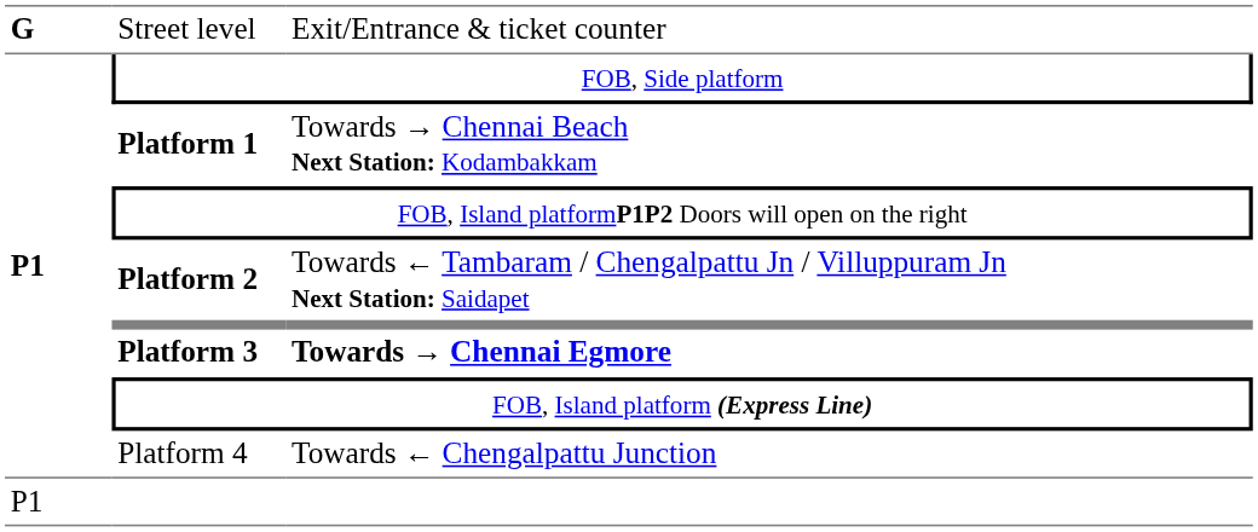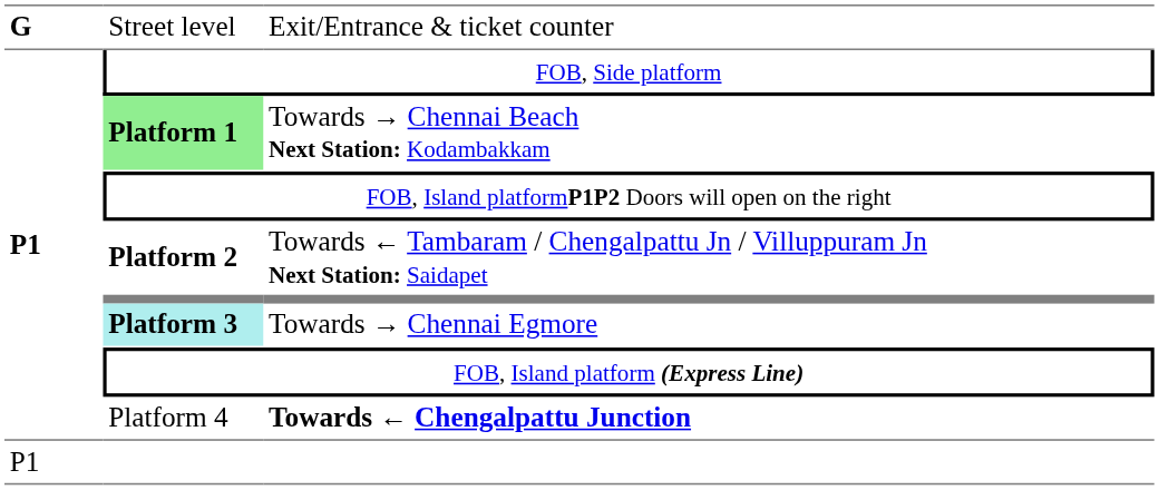 <table cellpadding="3" cellspacing="0" border="0">
 <tr>
 <td valign="top" width="30" style="border-top:solid 1px gray;border-bottom:solid 1px gray;"><strong>G</strong></td>
 <td valign="top" width="85" style="border-top:solid 1px gray;border-bottom:solid 1px gray;">Street level</td>
 <td valign="top" width="500" style="border-top:solid 1px gray;border-bottom:solid 1px gray;">Exit/Entrance & ticket counter</td>
 </tr>
 <tr>
 <td rowspan="7" style="border-bottom:solid 1px gray;" width="50" valign="center"><strong>P1</strong></td>
 <td colspan="2" style="border-right:solid 2px black;border-left:solid 2px black;border-bottom:solid 2px black;text-align:center;"><a href='#'><small>FOB</small></a><small>, <a href='#'>Side platform</a></small></td>
 </tr>
 <tr>
-<td width="85" style="border-bottom:solid 1px white;"><span><strong>Platform 1</strong></span></td>
+<td width="85" style="background: lightgreen; border-bottom:solid 1px white;"><span><strong>Platform 1</strong></span></td>
 <td width="500" style="border-bottom:solid 1px white;">Towards → <a href='#'>Chennai Beach</a><br><small><strong>Next Station:</strong> <a href='#'>Kodambakkam</a></small></td>
 </tr>
 <tr>
 <td colspan="2" style="border-top:solid 2px black;border-right:solid 2px black;border-left:solid 2px black;border-bottom:solid 2px black;text-align:center;"><a href='#'><small>FOB</small></a><small>, <a href='#'>Island platform</a><strong>P1</strong><strong>P2</strong> Doors will open on the right</small></td>
 </tr>
 <tr>
 <td width="85" style="border-bottom:solid 5px gray;"><span><strong>Platform 2</strong></span></td>
 <td width="500" style="border-bottom:solid 5px gray;">Towards ← <a href='#'>Tambaram</a> / <a href='#'>Chengalpattu Jn</a> / <a href='#'>Villuppuram Jn</a><br><small><strong>Next Station:</strong> <a href='#'>Saidapet</a></small></td>
 </tr>
 <tr>
-<td width="85" style="border-bottom:solid 1px white;"><span><strong>Platform 3</strong></span></td>
-<td style="border-bottom:solid 1px white;" width="500"><strong>Towards → <a href='#'>Chennai Egmore</a></strong></td>
+<td width="85" style="background: paleturquoise; border-bottom:solid 1px white;"><span><strong>Platform 3</strong></span></td>
+<td style="border-bottom:solid 1px white;" width="500">Towards → <a href='#'>Chennai Egmore</a></td>
 </tr>
 <tr>
 <td colspan="2" style="border-top:solid 2px black;border-right:solid 2px black;border-left:solid 2px black;border-bottom:solid 2px black;text-align:center;"><a href='#'><small>FOB</small></a><small>, <a href='#'>Island platform</a> <strong></strong> <strong><em>(Express Line)<strong><em></small></td>
 </tr>
 <tr>
 <td width="85" style="border-bottom:solid 1px gray;"><span></strong>Platform 4<strong></span></td>
-<td style="border-bottom:solid 1px gray;" width="500">Towards ← <a href='#'>Chengalpattu Junction</a></td>
+<td style="border-bottom:solid 1px gray;" width="500"><strong>Towards ← <a href='#'>Chengalpattu Junction</a></strong></td>
 </tr>
 <tr>
 <td style="border-bottom:solid 1px gray;" width="50" valign="top"></strong>P1<strong></td>
 <td style="border-bottom:solid 1px gray;" width="50" valign="top"></td>
 <td style="border-bottom:solid 1px gray;" width="50" valign="top"></td>
 </tr>
 <tr>
 </tr>
 </table>
